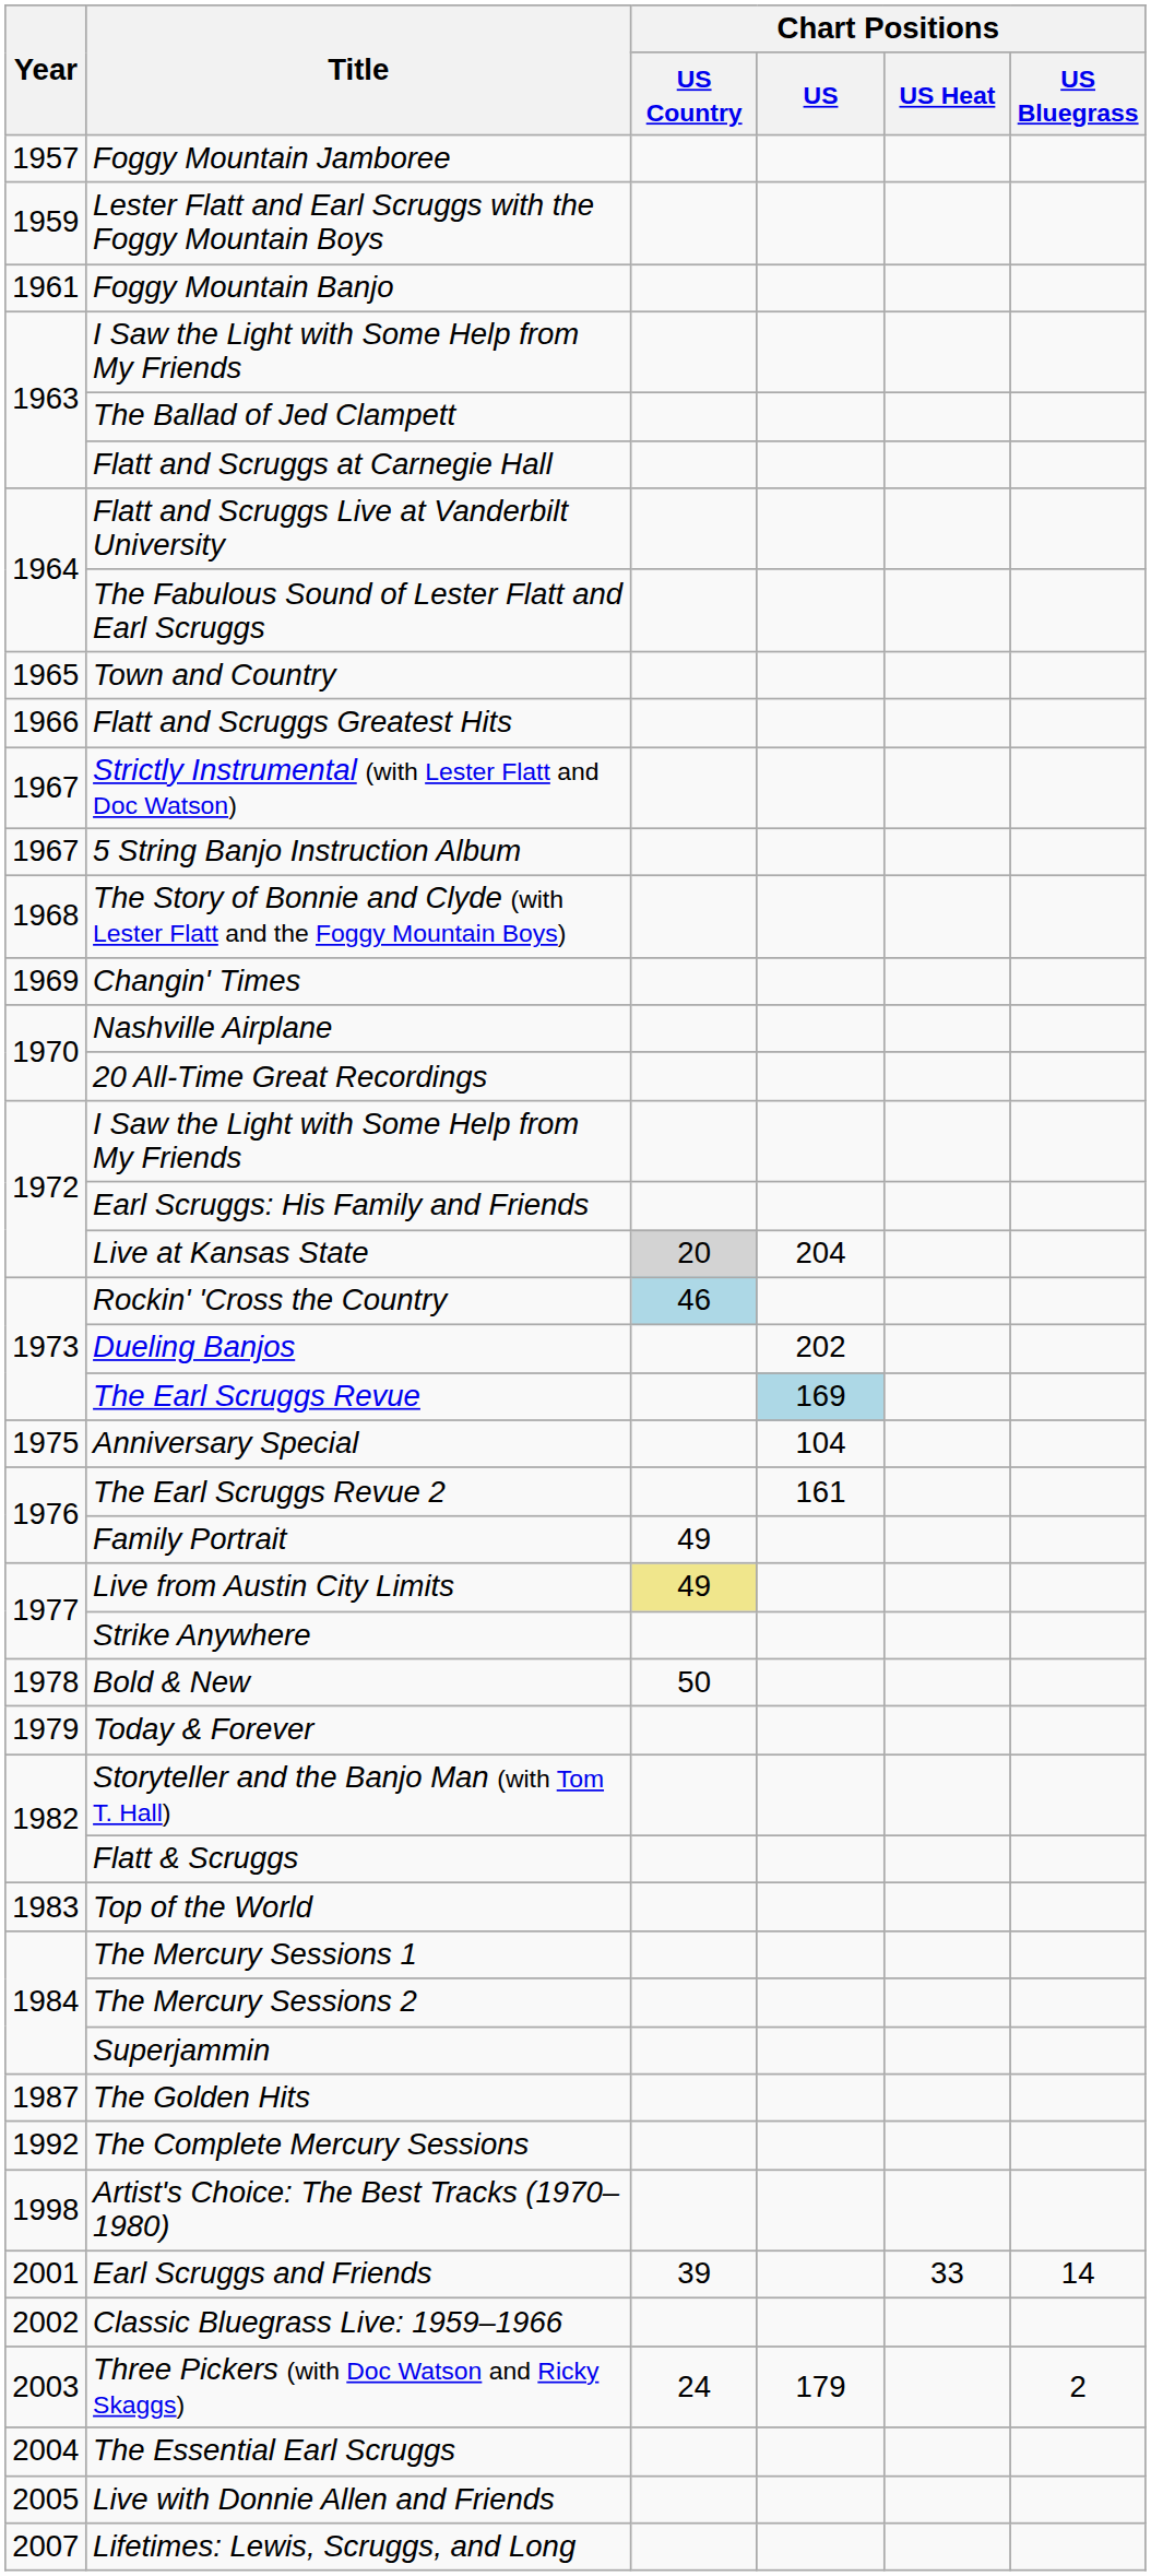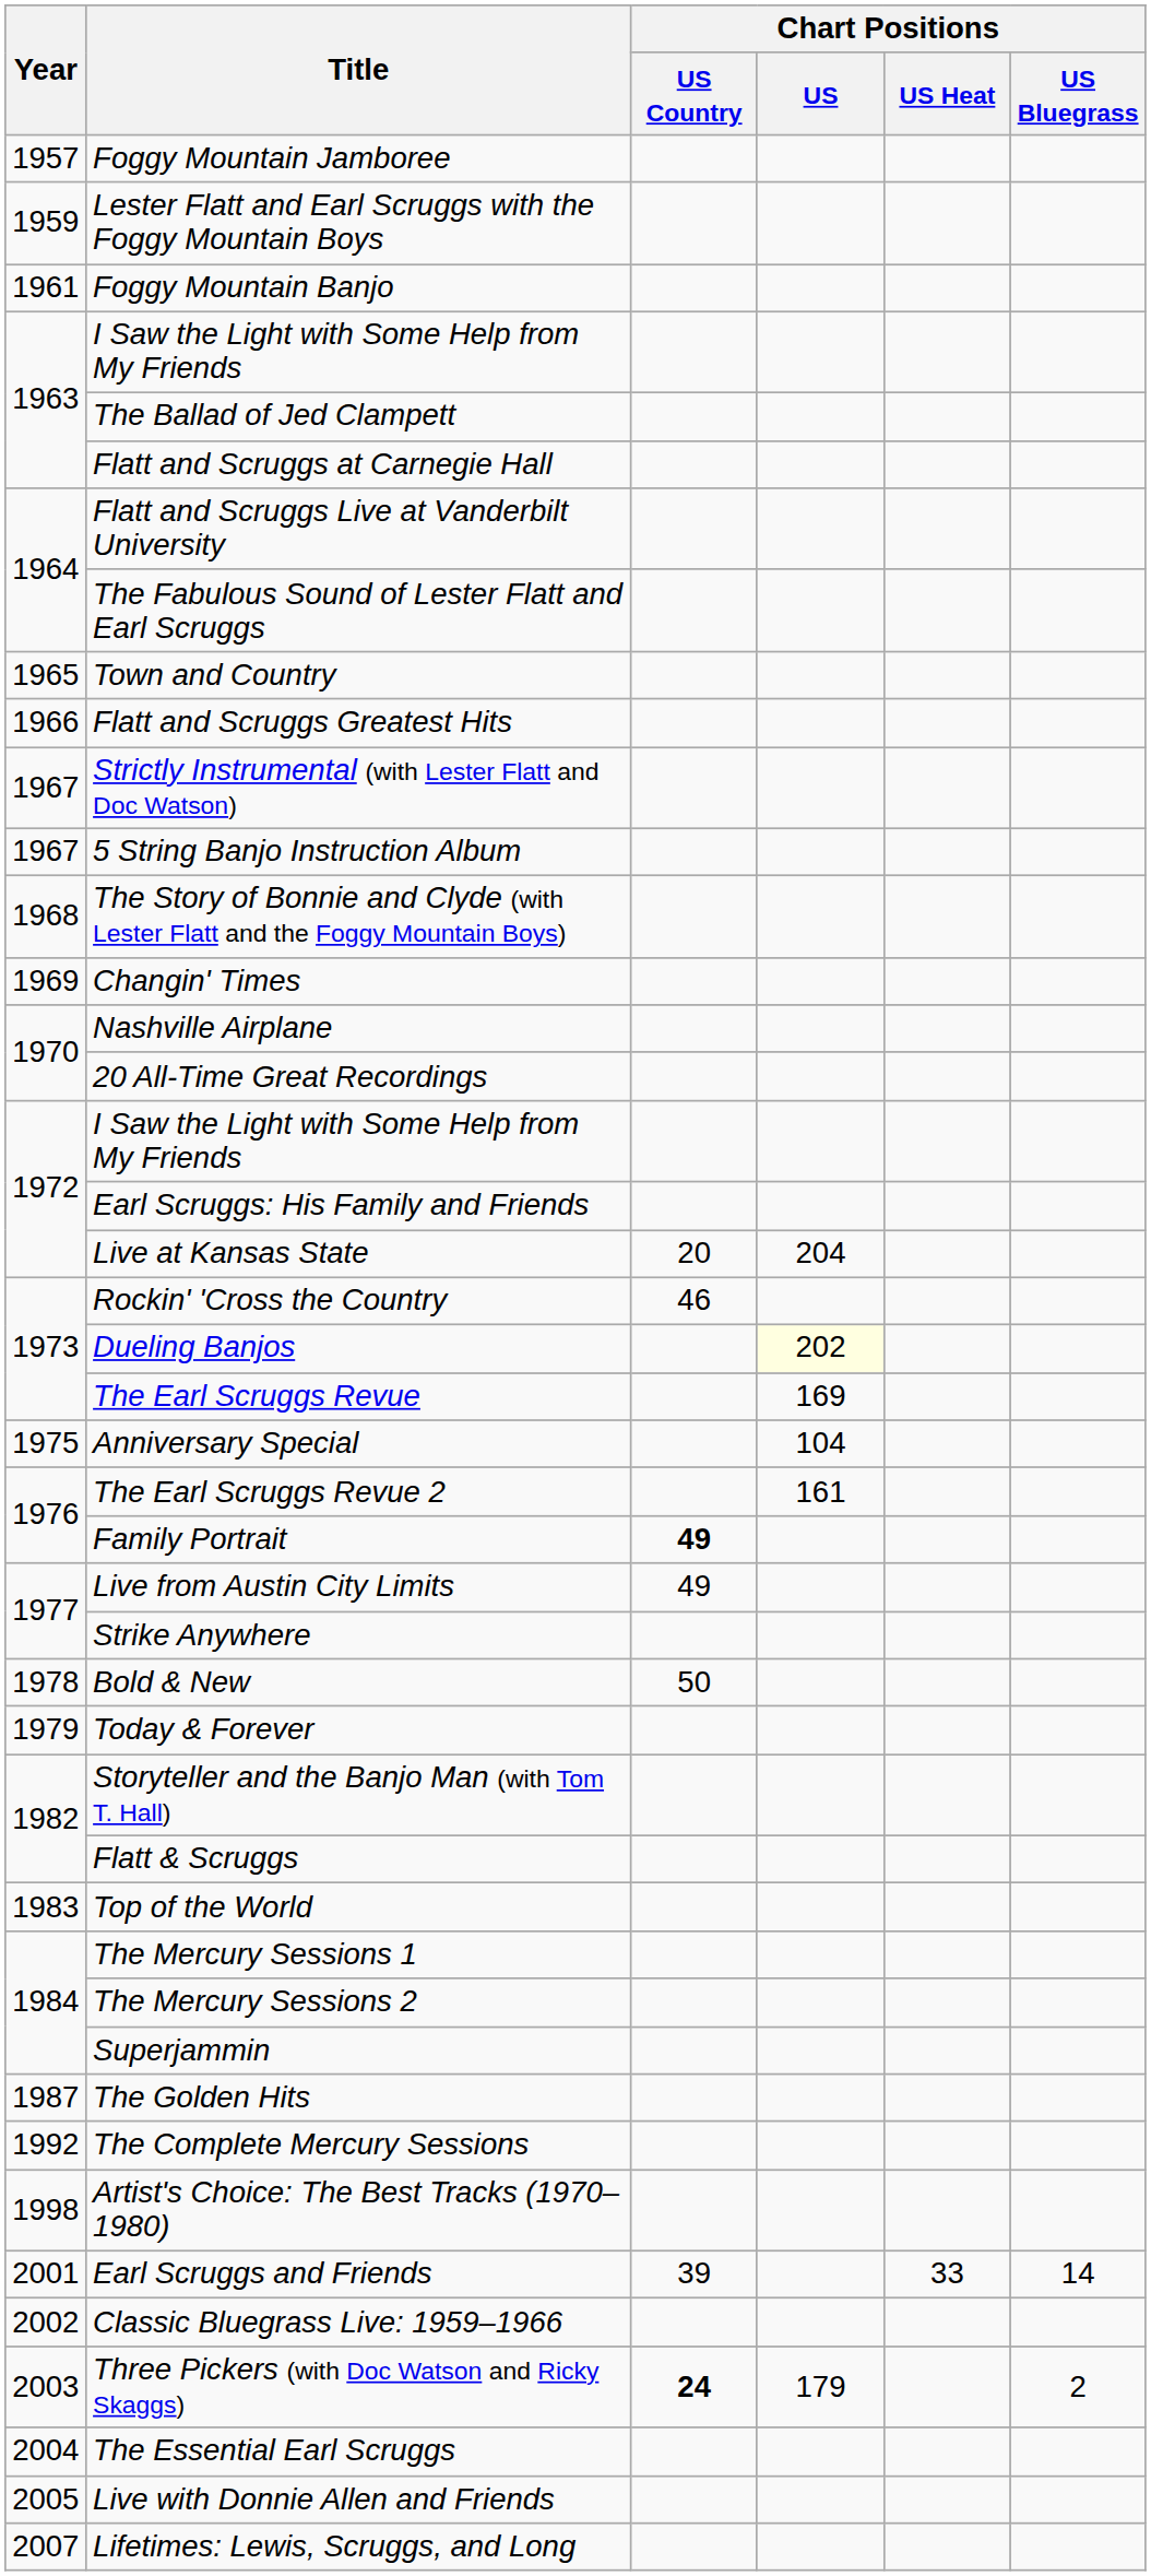 <table class="wikitable">
 <tr>
 <th rowspan="2">Year</th>
 <th rowspan="2">Title</th>
 <th colspan="4">Chart Positions</th>
 </tr>
 <tr>
 <th style="width:60px;"><small><a href='#'>US Country</a></small></th>
 <th style="width:60px;"><small><a href='#'>US</a></small></th>
 <th style="width:60px;"><small><a href='#'>US Heat</a></small></th>
 <th style="width:60px;"><small><a href='#'>US Bluegrass</a></small></th>
 </tr>
 <tr>
 <td>1957</td>
 <td><em>Foggy Mountain Jamboree</em></td>
 <td></td>
 <td></td>
 <td></td>
 <td></td>
 </tr>
 <tr>
 <td>1959</td>
 <td><em>Lester Flatt and Earl Scruggs with the Foggy Mountain Boys</em></td>
 <td></td>
 <td></td>
 <td></td>
 <td></td>
 </tr>
 <tr>
 <td>1961</td>
 <td><em>Foggy Mountain Banjo</em></td>
 <td></td>
 <td></td>
 <td></td>
 <td></td>
 </tr>
 <tr>
 <td rowspan="3">1963</td>
 <td><em>I Saw the Light with Some Help from My Friends</em></td>
 <td></td>
 <td></td>
 <td></td>
 <td></td>
 </tr>
 <tr>
 <td><em>The Ballad of Jed Clampett</em></td>
 <td></td>
 <td></td>
 <td></td>
 <td></td>
 </tr>
 <tr>
 <td><em>Flatt and Scruggs at Carnegie Hall</em></td>
 <td></td>
 <td></td>
 <td></td>
 <td></td>
 </tr>
 <tr>
 <td rowspan="2">1964</td>
 <td><em>Flatt and Scruggs Live at Vanderbilt University</em></td>
 <td></td>
 <td></td>
 <td></td>
 <td></td>
 </tr>
 <tr>
 <td><em>The Fabulous Sound of Lester Flatt and Earl Scruggs</em></td>
 <td></td>
 <td></td>
 <td></td>
 <td></td>
 </tr>
 <tr>
 <td>1965</td>
 <td><em>Town and Country</em></td>
 <td></td>
 <td></td>
 <td></td>
 <td></td>
 </tr>
 <tr>
 <td>1966</td>
 <td><em>Flatt and Scruggs Greatest Hits</em></td>
 <td></td>
 <td></td>
 <td></td>
 <td></td>
 </tr>
 <tr>
 <td>1967</td>
 <td><em><a href='#'>Strictly Instrumental</a></em> <small>(with <a href='#'>Lester Flatt</a> and <a href='#'>Doc Watson</a>)</small></td>
 <td></td>
 <td></td>
 <td></td>
 <td></td>
 </tr>
 <tr>
 <td>1967</td>
 <td><em>5 String Banjo Instruction Album</em></td>
 <td></td>
 <td></td>
 <td></td>
 <td></td>
 </tr>
 <tr>
 <td>1968</td>
 <td><em>The Story of Bonnie and Clyde</em> <small>(with <a href='#'>Lester Flatt</a> and the <a href='#'>Foggy Mountain Boys</a>)</small></td>
 <td></td>
 <td></td>
 <td></td>
 <td></td>
 </tr>
 <tr>
 <td>1969</td>
 <td><em>Changin' Times</em></td>
 <td></td>
 <td></td>
 <td></td>
 <td></td>
 </tr>
 <tr>
 <td rowspan="2">1970</td>
 <td><em>Nashville Airplane</em></td>
 <td></td>
 <td></td>
 <td></td>
 <td></td>
 </tr>
 <tr>
 <td><em>20 All-Time Great Recordings</em></td>
 <td></td>
 <td></td>
 <td></td>
 <td></td>
 </tr>
 <tr>
 <td rowspan="3">1972</td>
 <td><em>I Saw the Light with Some Help from My Friends</em></td>
 <td></td>
 <td></td>
 <td></td>
 <td></td>
 </tr>
 <tr>
 <td><em>Earl Scruggs: His Family and Friends</em></td>
 <td></td>
 <td></td>
 <td></td>
 <td></td>
 </tr>
 <tr>
 <td><em>Live at Kansas State</em></td>
-<td style="background: lightgrey; text-align:center;">20</td>
+<td style="text-align:center;">20</td>
 <td style="text-align:center;">204</td>
 <td></td>
 <td></td>
 </tr>
 <tr>
 <td rowspan="3">1973</td>
 <td><em>Rockin' 'Cross the Country</em></td>
-<td style="background: lightblue; text-align:center;">46</td>
+<td style="text-align:center;">46</td>
 <td></td>
 <td></td>
 <td></td>
 </tr>
 <tr>
 <td><em><a href='#'>Dueling Banjos</a></em></td>
 <td></td>
-<td style="text-align:center;">202</td>
+<td style="background: lightyellow; text-align:center;">202</td>
 <td></td>
 <td></td>
 </tr>
 <tr>
 <td><em><a href='#'>The Earl Scruggs Revue</a></em></td>
 <td></td>
-<td style="background: lightblue; text-align:center;">169</td>
+<td style="text-align:center;">169</td>
 <td></td>
 <td></td>
 </tr>
 <tr>
 <td>1975</td>
 <td><em>Anniversary Special</em></td>
 <td></td>
 <td style="text-align:center;">104</td>
 <td></td>
 <td></td>
 </tr>
 <tr>
 <td rowspan="2">1976</td>
 <td><em>The Earl Scruggs Revue 2</em></td>
 <td></td>
 <td style="text-align:center;">161</td>
 <td></td>
 <td></td>
 </tr>
 <tr>
 <td><em>Family Portrait</em></td>
-<td style="text-align:center;">49</td>
+<td style="text-align:center;"><strong>49</strong></td>
 <td></td>
 <td></td>
 <td></td>
 </tr>
 <tr>
 <td rowspan="2">1977</td>
 <td><em>Live from Austin City Limits</em></td>
-<td style="background: khaki; text-align:center;">49</td>
+<td style="text-align:center;">49</td>
 <td></td>
 <td></td>
 <td></td>
 </tr>
 <tr>
 <td><em>Strike Anywhere</em></td>
 <td></td>
 <td></td>
 <td></td>
 <td></td>
 </tr>
 <tr>
 <td>1978</td>
 <td><em>Bold & New</em></td>
 <td style="text-align:center;">50</td>
 <td></td>
 <td></td>
 <td></td>
 </tr>
 <tr>
 <td>1979</td>
 <td><em>Today & Forever</em></td>
 <td></td>
 <td></td>
 <td></td>
 <td></td>
 </tr>
 <tr>
 <td rowspan="2">1982</td>
 <td><em>Storyteller and the Banjo Man</em> <small>(with <a href='#'>Tom T. Hall</a>)</small></td>
 <td></td>
 <td></td>
 <td></td>
 <td></td>
 </tr>
 <tr>
 <td><em>Flatt & Scruggs</em></td>
 <td></td>
 <td></td>
 <td></td>
 <td></td>
 </tr>
 <tr>
 <td>1983</td>
 <td><em>Top of the World</em></td>
 <td></td>
 <td></td>
 <td></td>
 <td></td>
 </tr>
 <tr>
 <td rowspan="3">1984</td>
 <td><em>The Mercury Sessions 1</em></td>
 <td></td>
 <td></td>
 <td></td>
 <td></td>
 </tr>
 <tr>
 <td><em>The Mercury Sessions 2</em></td>
 <td></td>
 <td></td>
 <td></td>
 <td></td>
 </tr>
 <tr>
 <td><em>Superjammin</em></td>
 <td></td>
 <td></td>
 <td></td>
 <td></td>
 </tr>
 <tr>
 <td>1987</td>
 <td><em>The Golden Hits</em></td>
 <td></td>
 <td></td>
 <td></td>
 <td></td>
 </tr>
 <tr>
 <td>1992</td>
 <td><em>The Complete Mercury Sessions</em></td>
 <td></td>
 <td></td>
 <td></td>
 <td></td>
 </tr>
 <tr>
 <td>1998</td>
 <td><em>Artist's Choice: The Best Tracks (1970–1980)</em></td>
 <td></td>
 <td></td>
 <td></td>
 <td></td>
 </tr>
 <tr>
 <td>2001</td>
 <td><em>Earl Scruggs and Friends</em></td>
 <td style="text-align:center;">39</td>
 <td></td>
 <td style="text-align:center;">33</td>
 <td style="text-align:center;">14</td>
 </tr>
 <tr>
 <td>2002</td>
 <td><em>Classic Bluegrass Live: 1959–1966</em></td>
 <td></td>
 <td></td>
 <td></td>
 <td></td>
 </tr>
 <tr>
 <td>2003</td>
 <td><em>Three Pickers</em> <small>(with <a href='#'>Doc Watson</a> and <a href='#'>Ricky Skaggs</a>)</small></td>
-<td style="text-align:center;">24</td>
+<td style="text-align:center;"><strong>24</strong></td>
 <td style="text-align:center;">179</td>
 <td></td>
 <td style="text-align:center;">2</td>
 </tr>
 <tr>
 <td>2004</td>
 <td><em>The Essential Earl Scruggs</em></td>
 <td></td>
 <td></td>
 <td></td>
 <td></td>
 </tr>
 <tr>
 <td>2005</td>
 <td><em>Live with Donnie Allen and Friends</em></td>
 <td></td>
 <td></td>
 <td></td>
 <td></td>
 </tr>
 <tr>
 <td>2007</td>
 <td><em>Lifetimes: Lewis, Scruggs, and Long</em></td>
 <td></td>
 <td></td>
 <td></td>
 <td></td>
 </tr>
 </table>
